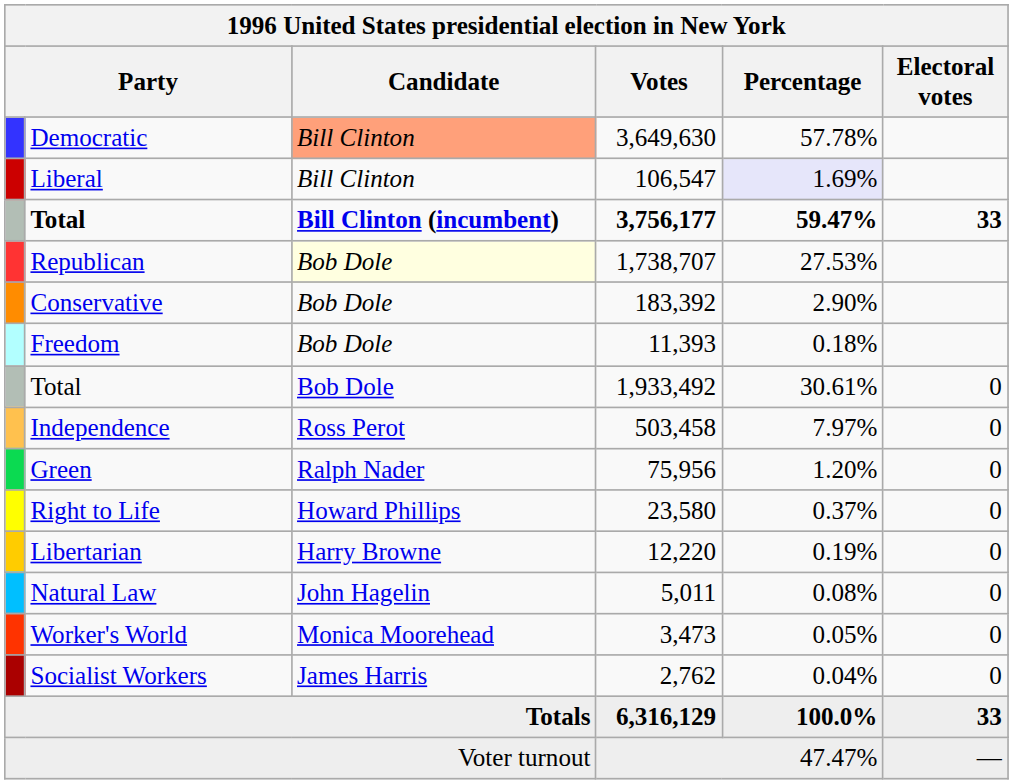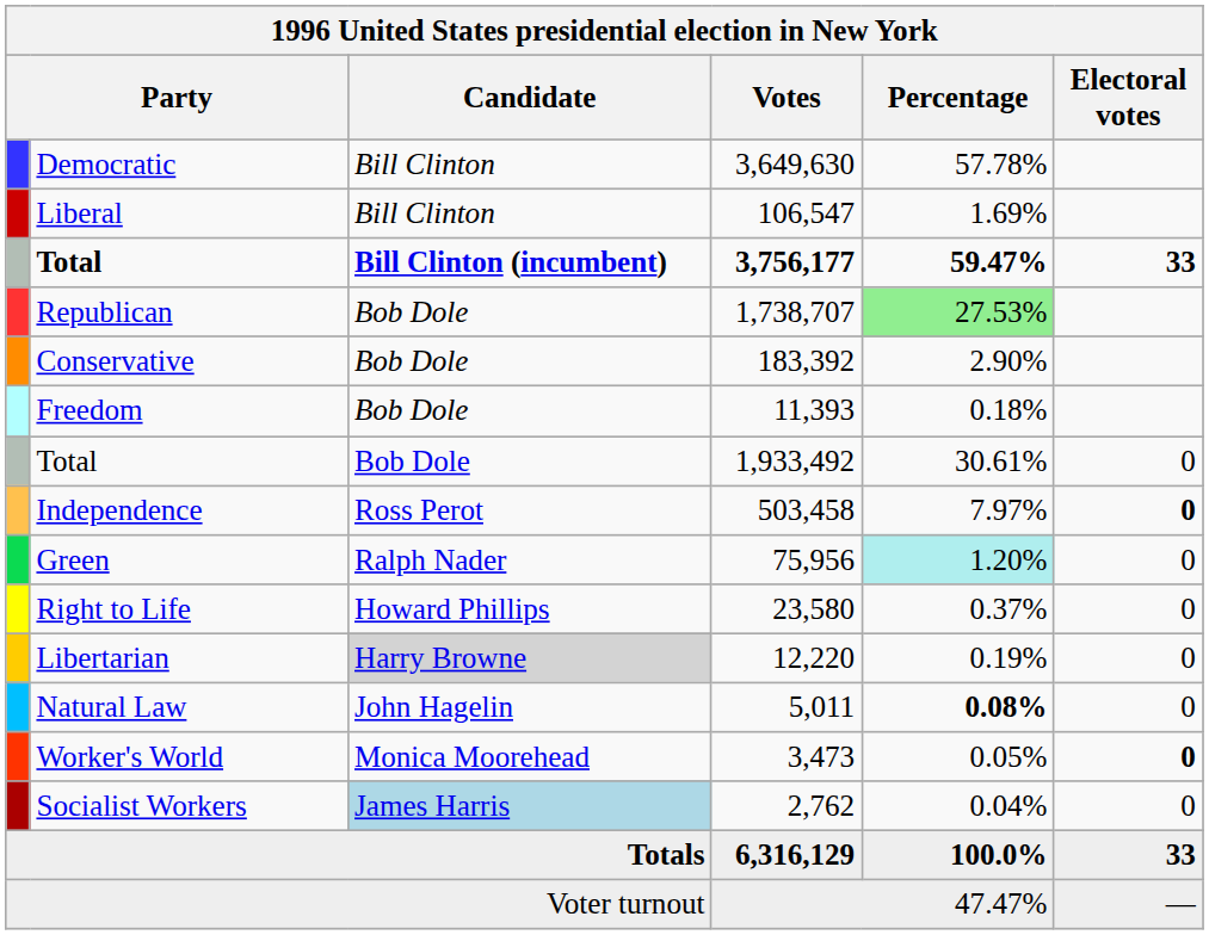 <table class="wikitable" style="font-size: 95%;">
 <tr>
 <th colspan="6">1996 United States presidential election in New York</th>
 </tr>
 <tr>
 <th colspan="2" style="width: 15em">Party</th>
 <th style="width: 17em">Candidate</th>
 <th style="width: 5em">Votes</th>
 <th style="width: 7em">Percentage</th>
 <th style="width: 5em">Electoral votes</th>
 </tr>
 <tr>
 <th style="background-color:#3333FF; width: 3px"></th>
 <td style="width: 130px"><a href='#'>Democratic</a></td>
-<td style="background: lightsalmon;"><em>Bill Clinton</em></td>
+<td><em>Bill Clinton</em></td>
 <td align="right">3,649,630</td>
 <td align="right">57.78%</td>
 <td align="right"></td>
 </tr>
 <tr>
 <th style="background-color:#CC0000; width: 3px"></th>
 <td style="width: 130px"><a href='#'>Liberal</a></td>
 <td><em>Bill Clinton</em></td>
 <td align="right">106,547</td>
-<td align="right" style="background: lavender;">1.69%</td>
+<td align="right">1.69%</td>
 <td align="right"></td>
 </tr>
 <tr>
 <th style="background-color:#B2BEB5; width: 3px"></th>
 <td style="width: 130px"><strong>Total</strong></td>
 <td><strong><a href='#'>Bill Clinton</a> (<a href='#'>incumbent</a>)</strong></td>
 <td align="right"><strong>3,756,177</strong></td>
 <td align="right"><strong>59.47%</strong></td>
 <td align="right"><strong>33</strong></td>
 </tr>
 <tr>
 <th style="background-color:#FF3333; width: 3px"></th>
 <td style="width: 130px"><a href='#'>Republican</a></td>
-<td style="background: lightyellow;"><em>Bob Dole</em></td>
+<td><em>Bob Dole</em></td>
 <td align="right">1,738,707</td>
-<td align="right">27.53%</td>
+<td align="right" style="background: lightgreen;">27.53%</td>
 <td align="right"></td>
 </tr>
 <tr>
 <th style="background-color:#FF8C00; width: 3px"></th>
 <td style="width: 130px"><a href='#'>Conservative</a></td>
 <td><em>Bob Dole</em></td>
 <td align="right">183,392</td>
 <td align="right">2.90%</td>
 <td align="right"></td>
 </tr>
 <tr>
 <th style="background-color:#B2FFFF; width: 3px"></th>
 <td style="width: 130px"><a href='#'>Freedom</a></td>
 <td><em>Bob Dole</em></td>
 <td align="right">11,393</td>
 <td align="right">0.18%</td>
 <td align="right"></td>
 </tr>
 <tr>
 <th style="background-color:#B2BEB5; width: 3px"></th>
 <td style="width: 130px">Total</td>
 <td><a href='#'>Bob Dole</a></td>
 <td align="right">1,933,492</td>
 <td align="right">30.61%</td>
 <td align="right">0</td>
 </tr>
 <tr>
 <th style="background-color:#FFC14E; width: 3px"></th>
 <td style="width: 130px"><a href='#'>Independence</a></td>
 <td><a href='#'>Ross Perot</a></td>
 <td align="right">503,458</td>
 <td align="right">7.97%</td>
-<td align="right">0</td>
+<td align="right"><strong>0</strong></td>
 </tr>
 <tr>
 <th style="background-color:#0BDA51; width: 3px"></th>
 <td style="width: 130px"><a href='#'>Green</a></td>
 <td><a href='#'>Ralph Nader</a></td>
 <td align="right">75,956</td>
-<td align="right">1.20%</td>
+<td align="right" style="background: paleturquoise;">1.20%</td>
 <td align="right">0</td>
 </tr>
 <tr>
 <th style="background-color:#FFFF00; width: 3px"></th>
 <td style="width: 130px"><a href='#'>Right to Life</a></td>
 <td><a href='#'>Howard Phillips</a></td>
 <td align="right">23,580</td>
 <td align="right">0.37%</td>
 <td align="right">0</td>
 </tr>
 <tr>
 <th style="background-color:#FFCC00; width: 3px"></th>
 <td style="width: 130px"><a href='#'>Libertarian</a></td>
-<td><a href='#'>Harry Browne</a></td>
+<td style="background: lightgrey;"><a href='#'>Harry Browne</a></td>
 <td align="right">12,220</td>
 <td align="right">0.19%</td>
 <td align="right">0</td>
 </tr>
 <tr>
 <th style="background-color:#00BFFF; width: 3px"></th>
 <td style="width: 130px"><a href='#'>Natural Law</a></td>
 <td><a href='#'>John Hagelin</a></td>
 <td align="right">5,011</td>
-<td align="right">0.08%</td>
+<td align="right"><strong>0.08%</strong></td>
 <td align="right">0</td>
 </tr>
 <tr>
 <th style="background-color:#FF3300; width: 3px"></th>
 <td style="width: 130px"><a href='#'>Worker's World</a></td>
 <td><a href='#'>Monica Moorehead</a></td>
 <td align="right">3,473</td>
 <td align="right">0.05%</td>
-<td align="right">0</td>
+<td align="right"><strong>0</strong></td>
 </tr>
 <tr>
 <th style="background-color:#aa0000; width: 3px"></th>
 <td style="width: 130px"><a href='#'>Socialist Workers</a></td>
-<td><a href='#'>James Harris</a></td>
+<td style="background: lightblue;"><a href='#'>James Harris</a></td>
 <td align="right">2,762</td>
 <td align="right">0.04%</td>
 <td align="right">0</td>
 </tr>
 <tr bgcolor="#EEEEEE">
 <td colspan="3" align="right"><strong>Totals</strong></td>
 <td align="right"><strong>6,316,129</strong></td>
 <td align="right"><strong>100.0%</strong></td>
 <td align="right"><strong>33</strong></td>
 </tr>
 <tr bgcolor="#EEEEEE">
 <td colspan="3" align="right">Voter turnout</td>
 <td colspan="2" align="right">47.47%</td>
 <td align="right">—</td>
 </tr>
 </table>
